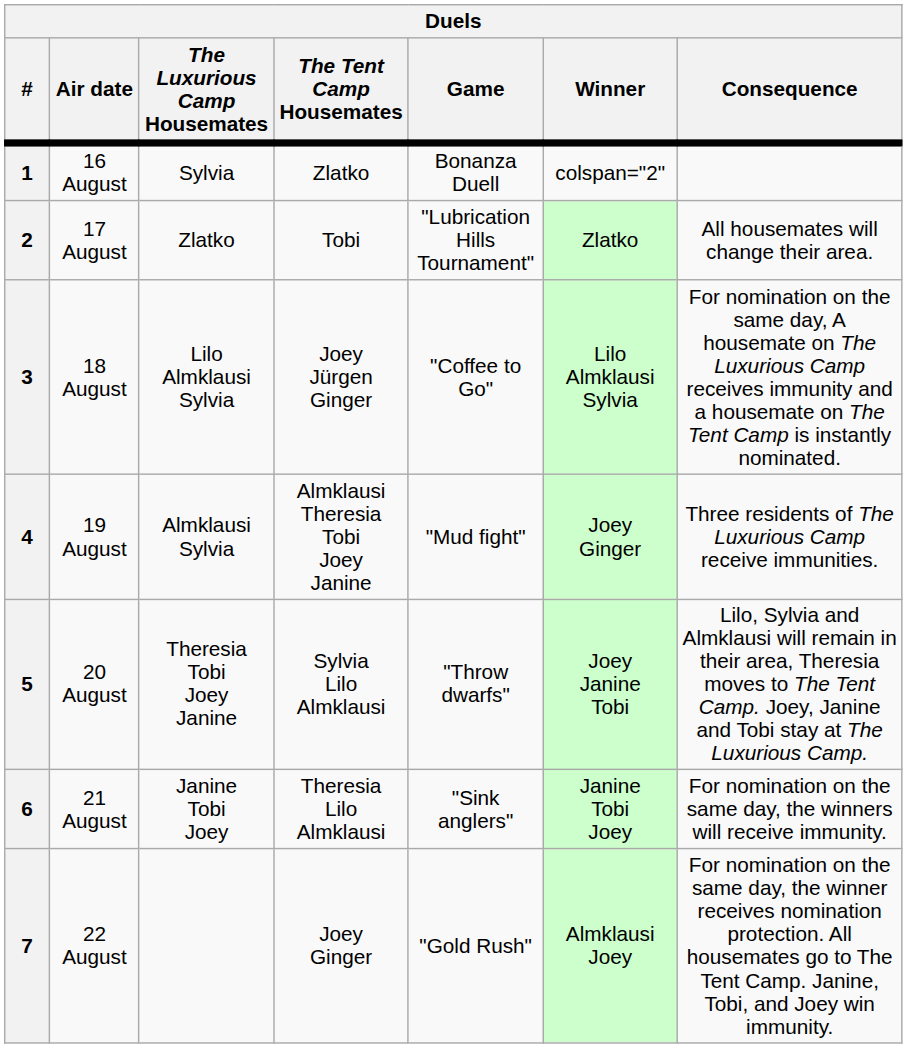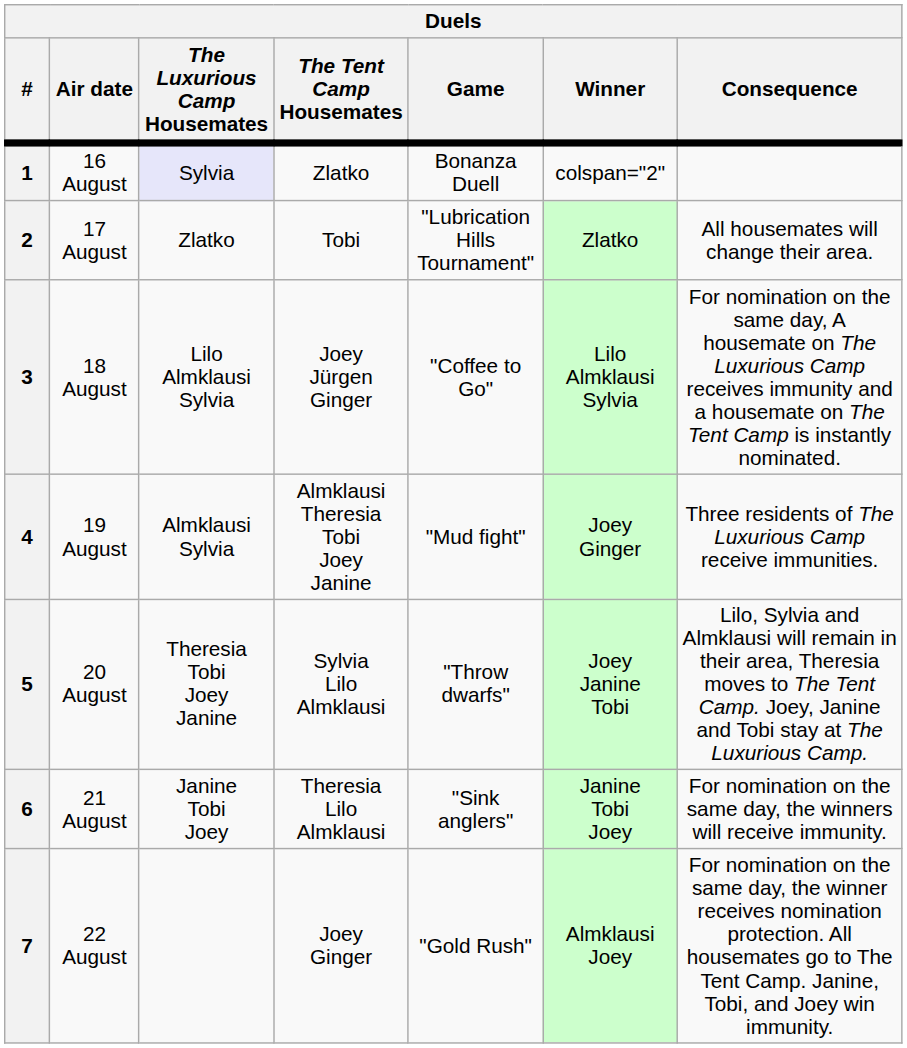 <table class="wikitable" style="width:100%; text-align:center; font-size:90%;">
 <tr>
 <th colspan="7">Duels</th>
 </tr>
 <tr>
 <th width="05%">#</th>
 <th width="10%">Air date</th>
 <th width="15%"><em>The Luxurious Camp</em> Housemates</th>
 <th width="15%"><em>The Tent Camp</em> Housemates</th>
 <th width="15%">Game</th>
 <th width="15%">Winner</th>
 <th width="30%">Consequence</th>
 </tr>
 <tr style="border-top:5px solid #000000;">
 <th>1</th>
 <td>16 August</td>
-<td>Sylvia</td>
+<td style="background: lavender;">Sylvia</td>
 <td>Zlatko</td>
 <td>Bonanza Duell</td>
 <td>colspan="2" </td>
 </tr>
 <tr>
 <th>2</th>
 <td>17 August</td>
 <td>Zlatko</td>
 <td>Tobi</td>
 <td>"Lubrication Hills Tournament"</td>
 <td style="background:#cfc;">Zlatko</td>
 <td>All housemates will change their area.</td>
 </tr>
 <tr>
 <th>3</th>
 <td>18 August</td>
 <td>Lilo<br>Almklausi<br>Sylvia</td>
 <td>Joey<br>Jürgen<br>Ginger</td>
 <td>"Coffee to Go"</td>
 <td style="background:#cfc;">Lilo<br>Almklausi<br>Sylvia</td>
 <td>For nomination on the same day, A housemate on <em>The Luxurious Camp</em> receives immunity and a housemate on <em>The Tent Camp</em> is instantly nominated.</td>
 </tr>
 <tr>
 <th>4</th>
 <td>19 August</td>
 <td>Almklausi<br>Sylvia</td>
 <td>Almklausi<br>Theresia<br>Tobi<br>Joey<br>Janine</td>
 <td>"Mud fight"</td>
 <td style="background:#cfc;">Joey<br>Ginger</td>
 <td>Three residents of <em>The Luxurious Camp</em> receive immunities.</td>
 </tr>
 <tr>
 <th>5</th>
 <td>20 August</td>
 <td>Theresia<br>Tobi<br>Joey<br>Janine</td>
 <td>Sylvia<br>Lilo<br>Almklausi</td>
 <td>"Throw dwarfs"</td>
 <td style="background:#cfc;">Joey<br>Janine<br>Tobi</td>
 <td>Lilo, Sylvia and Almklausi will remain in their area, Theresia moves to <em>The Tent Camp.</em> Joey, Janine and Tobi stay at <em>The Luxurious Camp.</em></td>
 </tr>
 <tr>
 <th>6</th>
 <td>21 August</td>
 <td>Janine<br>Tobi<br>Joey</td>
 <td>Theresia<br>Lilo<br>Almklausi</td>
 <td>"Sink anglers"</td>
 <td style="background:#cfc;">Janine<br>Tobi<br>Joey</td>
 <td>For nomination on the same day, the winners will receive immunity.</td>
 </tr>
 <tr>
 <th>7</th>
 <td>22 August</td>
 <td></td>
 <td>Joey<br>Ginger</td>
 <td>"Gold Rush"</td>
 <td style="background:#cfc;">Almklausi<br>Joey</td>
 <td>For nomination on the same day, the winner receives nomination protection. All housemates go to The Tent Camp. Janine, Tobi, and Joey win immunity.</td>
 </tr>
 </table>
